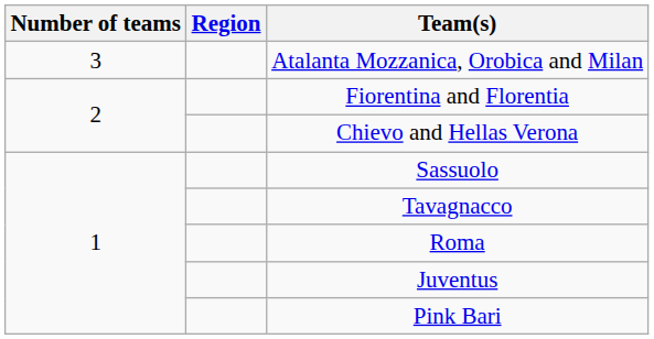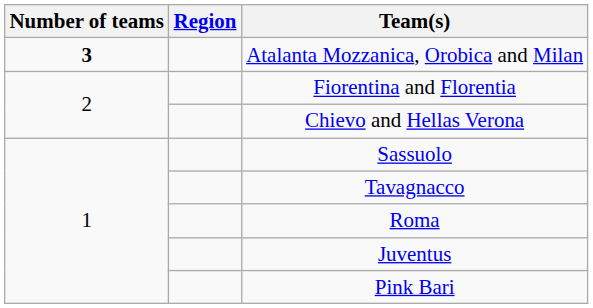 <table class="wikitable" style="text-align:center">
 <tr>
 <th>Number of teams</th>
 <th><a href='#'>Region</a></th>
 <th>Team(s)</th>
 </tr>
 <tr>
-<td rowspan="1">3</td>
+<td rowspan="1"><strong>3</strong></td>
 <td align="left"></td>
 <td><a href='#'>Atalanta Mozzanica</a>, <a href='#'>Orobica</a> and <a href='#'>Milan</a></td>
 </tr>
 <tr>
 <td rowspan="2">2</td>
 <td align="left"></td>
 <td><a href='#'>Fiorentina</a> and <a href='#'>Florentia</a></td>
 </tr>
 <tr>
 <td align="left"></td>
 <td><a href='#'>Chievo</a> and <a href='#'>Hellas Verona</a></td>
 </tr>
 <tr>
 <td rowspan="5">1</td>
 <td align="left"></td>
 <td><a href='#'>Sassuolo</a></td>
 </tr>
 <tr>
 <td align="left"></td>
 <td><a href='#'>Tavagnacco</a></td>
 </tr>
 <tr>
 <td align="left"></td>
 <td><a href='#'>Roma</a></td>
 </tr>
 <tr>
 <td align="left"></td>
 <td><a href='#'>Juventus</a></td>
 </tr>
 <tr>
 <td align="left"></td>
 <td><a href='#'>Pink Bari</a></td>
 </tr>
 </table>
